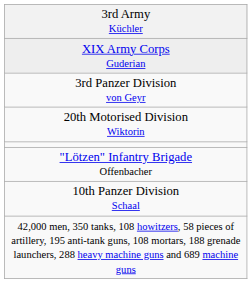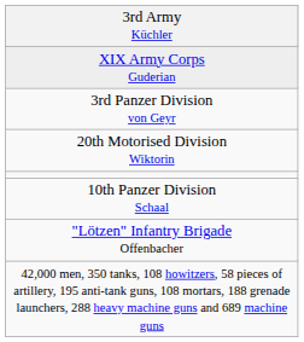 <table class="wikitable" style="text-align:center; border:1px solid #ccc;">
 <tr style="vertical-align:top; background:#ccc;">
 <th style="width:300px; font-weight:normal;">3rd Army <br><small><a href='#'>Küchler</a></small></th>
 </tr>
 <tr style="vertical-align:top; background:#eee;">
 <td><a href='#'>XIX Army Corps</a><br><small><a href='#'>Guderian</a></small></td>
 </tr>
 <tr>
 <td>3rd Panzer Division<br><small><a href='#'>von Geyr</a></small></td>
 </tr>
 <tr>
 <td>20th Motorised Division<br><small><a href='#'>Wiktorin</a></small></td>
 </tr>
 <tr>
 <td></td>
 </tr>
 <tr>
-<td><a href='#'>"Lötzen" Infantry Brigade</a><br><small>Offenbacher</small></td>
+<td>10th Panzer Division<br><small><a href='#'>Schaal</a></small></td>
 </tr>
 <tr>
-<td>10th Panzer Division<br><small><a href='#'>Schaal</a></small></td>
+<td><a href='#'>"Lötzen" Infantry Brigade</a><br><small>Offenbacher</small></td>
 </tr>
 <tr style="border-bottom:1px solid gray;">
 <td><small>42,000 men, 350 tanks, 108 <a href='#'>howitzers</a>, 58 pieces of artillery, 195 anti-tank guns, 108 mortars, 188 grenade launchers, 288 <a href='#'>heavy machine guns</a> and 689 <a href='#'>machine guns</a></small></td>
 </tr>
 </table>
